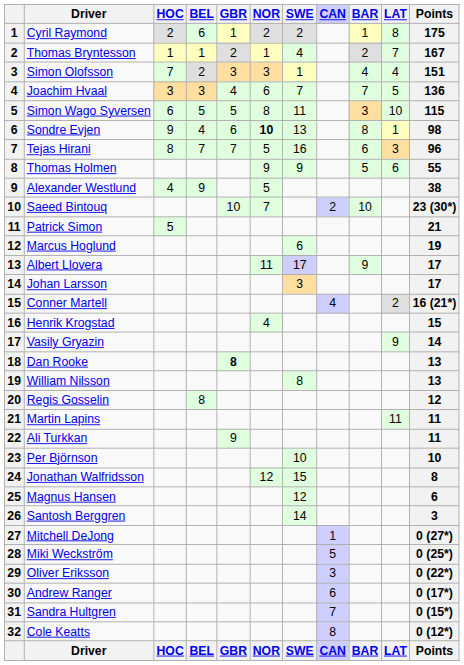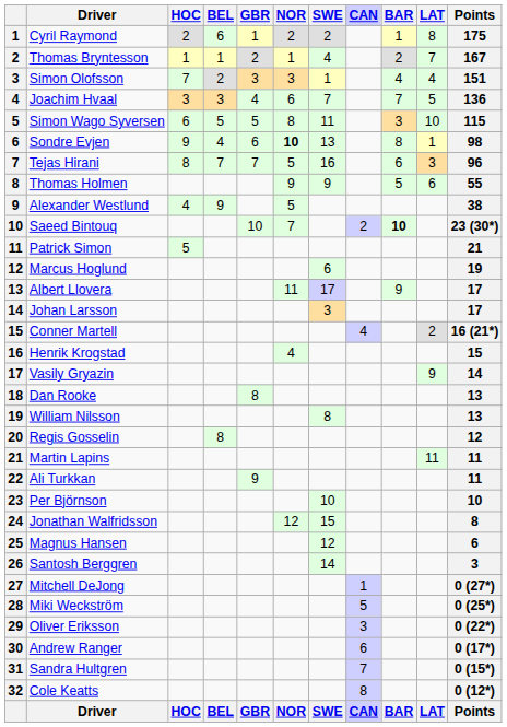 <table class="wikitable" style="font-size: 85%; text-align: center;">
 <tr valign="top">
 <th valign="middle"></th>
 <th valign="middle">Driver</th>
 <th><a href='#'>HOC</a> <br></th>
 <th><a href='#'>BEL</a> <br></th>
 <th><a href='#'>GBR</a> <br></th>
 <th><a href='#'>NOR</a> <br></th>
 <th><a href='#'>SWE</a> <br></th>
 <td style="background:#cfcfff;"><a href='#'><strong>CAN</strong></a> <br></td>
 <th><a href='#'>BAR</a> <br></th>
 <th><a href='#'>LAT</a> <br></th>
 <th valign="middle">Points</th>
 </tr>
 <tr>
 <th>1</th>
 <td align=left> <a href='#'>Cyril Raymond</a></td>
 <td style="background:#dfdfdf;">2</td>
 <td style="background:#dfffdf;">6</td>
 <td style="background:#ffffbf;">1</td>
 <td style="background:#dfdfdf;">2</td>
 <td style="background:#dfdfdf;">2</td>
 <td></td>
 <td style="background:#ffffbf;">1</td>
 <td style="background:#dfffdf;">8</td>
 <th>175</th>
 </tr>
 <tr>
 <th>2</th>
 <td align=left> <a href='#'>Thomas Bryntesson</a></td>
 <td style="background:#ffffbf;">1</td>
 <td style="background:#ffffbf;">1</td>
 <td style="background:#dfdfdf;">2</td>
 <td style="background:#ffffbf;">1</td>
 <td style="background:#dfffdf;">4</td>
 <td></td>
 <td style="background:#dfdfdf;">2</td>
 <td style="background:#dfffdf;">7</td>
 <th>167</th>
 </tr>
 <tr>
 <th>3</th>
 <td align=left> <a href='#'>Simon Olofsson</a></td>
 <td style="background:#dfffdf;">7</td>
 <td style="background:#dfdfdf;">2</td>
 <td style="background:#ffdf9f;">3</td>
 <td style="background:#ffdf9f;">3</td>
 <td style="background:#ffffbf;">1</td>
 <td></td>
 <td style="background:#dfffdf;">4</td>
 <td style="background:#dfffdf;">4</td>
 <th>151</th>
 </tr>
 <tr>
 <th>4</th>
 <td align=left>  <a href='#'>Joachim Hvaal</a></td>
 <td style="background:#ffdf9f;">3</td>
 <td style="background:#ffdf9f;">3</td>
 <td style="background:#dfffdf;">4</td>
 <td style="background:#dfffdf;">6</td>
 <td style="background:#dfffdf;">7</td>
 <td></td>
 <td style="background:#dfffdf;">7</td>
 <td style="background:#dfffdf;">5</td>
 <th>136</th>
 </tr>
 <tr>
 <th>5</th>
 <td align=left>  <a href='#'>Simon Wago Syversen</a></td>
 <td style="background:#dfffdf;">6</td>
 <td style="background:#dfffdf;">5</td>
 <td style="background:#dfffdf;">5</td>
 <td style="background:#dfffdf;">8</td>
 <td style="background:#dfffdf;">11</td>
 <td></td>
 <td style="background:#ffdf9f;">3</td>
 <td style="background:#dfffdf;">10</td>
 <th>115</th>
 </tr>
 <tr>
 <th>6</th>
 <td align=left>  <a href='#'>Sondre Evjen</a></td>
 <td style="background:#dfffdf;">9</td>
 <td style="background:#dfffdf;">4</td>
 <td style="background:#dfffdf;">6</td>
 <td style="background:#dfffdf;"><strong>10</strong></td>
 <td style="background:#dfffdf;">13</td>
 <td></td>
 <td style="background:#dfffdf;">8</td>
 <td style="background:#ffffbf;">1</td>
 <th>98</th>
 </tr>
 <tr>
 <th>7</th>
 <td align=left>  <a href='#'>Tejas Hirani</a></td>
 <td style="background:#dfffdf;">8</td>
 <td style="background:#dfffdf;">7</td>
 <td style="background:#dfffdf;">7</td>
 <td style="background:#dfffdf;">5</td>
 <td style="background:#dfffdf;">16</td>
 <td></td>
 <td style="background:#dfffdf;">6</td>
 <td style="background:#ffdf9f;">3</td>
 <th>96</th>
 </tr>
 <tr>
 <th>8</th>
 <td align=left>  <a href='#'>Thomas Holmen</a></td>
 <td></td>
 <td></td>
 <td></td>
 <td style="background:#dfffdf;">9</td>
 <td style="background:#dfffdf;">9</td>
 <td></td>
 <td style="background:#dfffdf;">5</td>
 <td style="background:#dfffdf;">6</td>
 <th>55</th>
 </tr>
 <tr>
 <th>9</th>
 <td align=left>  <a href='#'>Alexander Westlund</a></td>
 <td style="background:#dfffdf;">4</td>
 <td style="background:#dfffdf;">9</td>
 <td></td>
 <td style="background:#dfffdf;">5</td>
 <td></td>
 <td></td>
 <td></td>
 <td></td>
 <th>38</th>
 </tr>
 <tr>
 <th>10</th>
 <td align=left>   <a href='#'>Saeed Bintouq</a></td>
 <td></td>
 <td></td>
 <td style="background:#dfffdf;">10</td>
 <td style="background:#dfffdf;">7</td>
 <td></td>
 <td style="background:#cfcfff;">2</td>
-<td style="background:#dfffdf;">10</td>
+<td style="background:#dfffdf;"><strong>10</strong></td>
 <td></td>
 <th>23 (30*)</th>
 </tr>
 <tr>
 <th>11</th>
 <td align=left>  <a href='#'>Patrick Simon</a></td>
 <td style="background:#dfffdf;">5</td>
 <td></td>
 <td></td>
 <td></td>
 <td></td>
 <td></td>
 <td></td>
 <td></td>
 <th>21</th>
 </tr>
 <tr>
 <th>12</th>
 <td align=left>  <a href='#'>Marcus Hoglund</a></td>
 <td></td>
 <td></td>
 <td></td>
 <td></td>
 <td style="background:#dfffdf;">6</td>
 <td></td>
 <td></td>
 <td></td>
 <th>19</th>
 </tr>
 <tr>
 <th>13</th>
 <td align=left> <a href='#'>Albert Llovera</a></td>
 <td></td>
 <td></td>
 <td></td>
 <td style="background:#dfffdf;">11</td>
 <td style="background:#cfcfff;">17</td>
 <td></td>
 <td style="background:#dfffdf;">9</td>
 <td></td>
 <th>17</th>
 </tr>
 <tr>
 <th>14</th>
 <td align=left>  <a href='#'>Johan Larsson</a></td>
 <td></td>
 <td></td>
 <td></td>
 <td></td>
 <td style="background:#ffdf9f;">3</td>
 <td></td>
 <td></td>
 <td></td>
 <th>17</th>
 </tr>
 <tr>
 <th>15</th>
 <td align=left>  <a href='#'>Conner Martell</a></td>
 <td></td>
 <td></td>
 <td></td>
 <td></td>
 <td></td>
 <td style="background:#cfcfff;">4</td>
 <td></td>
 <td style="background:#dfdfdf;">2</td>
 <th>16 (21*)</th>
 </tr>
 <tr>
 <th>16</th>
 <td align=left>  <a href='#'>Henrik Krogstad</a></td>
 <td></td>
 <td></td>
 <td></td>
 <td style="background:#dfffdf;">4</td>
 <td></td>
 <td></td>
 <td></td>
 <td></td>
 <th>15</th>
 </tr>
 <tr>
 <th>17</th>
 <td align=left>  <a href='#'>Vasily Gryazin</a></td>
 <td></td>
 <td></td>
 <td></td>
 <td></td>
 <td></td>
 <td></td>
 <td></td>
 <td style="background:#dfffdf;">9</td>
 <th>14</th>
 </tr>
 <tr>
 <th>18</th>
 <td align=left>  <a href='#'>Dan Rooke</a></td>
 <td></td>
 <td></td>
-<td style="background:#dfffdf;"><strong>8</strong></td>
+<td style="background:#dfffdf;">8</td>
 <td></td>
 <td></td>
 <td></td>
 <td></td>
 <td></td>
 <th>13</th>
 </tr>
 <tr>
 <th>19</th>
 <td align=left>  <a href='#'>William Nilsson</a></td>
 <td></td>
 <td></td>
 <td></td>
 <td></td>
 <td style="background:#dfffdf;">8</td>
 <td></td>
 <td></td>
 <td></td>
 <th>13</th>
 </tr>
 <tr>
 <th>20</th>
 <td align=left>  <a href='#'>Regis Gosselin</a></td>
 <td></td>
 <td style="background:#dfffdf;">8</td>
 <td></td>
 <td></td>
 <td></td>
 <td></td>
 <td></td>
 <td></td>
 <th>12</th>
 </tr>
 <tr>
 <th>21</th>
 <td align=left>  <a href='#'>Martin Lapins</a></td>
 <td></td>
 <td></td>
 <td></td>
 <td></td>
 <td></td>
 <td></td>
 <td></td>
 <td style="background:#dfffdf;">11</td>
 <th>11</th>
 </tr>
 <tr>
 <th>22</th>
 <td align=left>  <a href='#'>Ali Turkkan</a></td>
 <td></td>
 <td></td>
 <td style="background:#dfffdf;">9</td>
 <td></td>
 <td></td>
 <td></td>
 <td></td>
 <td></td>
 <th>11</th>
 </tr>
 <tr>
 <th>23</th>
 <td align=left>  <a href='#'>Per Björnson</a></td>
 <td></td>
 <td></td>
 <td></td>
 <td></td>
 <td style="background:#dfffdf;">10</td>
 <td></td>
 <td></td>
 <td></td>
 <th>10</th>
 </tr>
 <tr>
 <th>24</th>
 <td align=left>  <a href='#'>Jonathan Walfridsson</a></td>
 <td></td>
 <td></td>
 <td></td>
 <td style="background:#dfffdf;">12</td>
 <td style="background:#dfffdf;">15</td>
 <td></td>
 <td></td>
 <td></td>
 <th>8</th>
 </tr>
 <tr>
 <th>25</th>
 <td align=left>  <a href='#'>Magnus Hansen</a></td>
 <td></td>
 <td></td>
 <td></td>
 <td></td>
 <td style="background:#dfffdf;">12</td>
 <td></td>
 <td></td>
 <td></td>
 <th>6</th>
 </tr>
 <tr>
 <th>26</th>
 <td align=left>  <a href='#'>Santosh Berggren</a></td>
 <td></td>
 <td></td>
 <td></td>
 <td></td>
 <td style="background:#dfffdf;">14</td>
 <td></td>
 <td></td>
 <td></td>
 <th>3</th>
 </tr>
 <tr>
 <th>27</th>
 <td align=left>  <a href='#'>Mitchell DeJong</a></td>
 <td></td>
 <td></td>
 <td></td>
 <td></td>
 <td></td>
 <td style="background:#cfcfff;">1</td>
 <td></td>
 <td></td>
 <th>0 (27*)</th>
 </tr>
 <tr>
 <th>28</th>
 <td align=left>  <a href='#'>Miki Weckström</a></td>
 <td></td>
 <td></td>
 <td></td>
 <td></td>
 <td></td>
 <td style="background:#cfcfff;">5</td>
 <td></td>
 <td></td>
 <th>0 (25*)</th>
 </tr>
 <tr>
 <th>29</th>
 <td align=left>  <a href='#'>Oliver Eriksson</a></td>
 <td></td>
 <td></td>
 <td></td>
 <td></td>
 <td></td>
 <td style="background:#cfcfff;">3</td>
 <td></td>
 <td></td>
 <th>0 (22*)</th>
 </tr>
 <tr>
 <th>30</th>
 <td align=left>  <a href='#'>Andrew Ranger</a></td>
 <td></td>
 <td></td>
 <td></td>
 <td></td>
 <td></td>
 <td style="background:#cfcfff;">6</td>
 <td></td>
 <td></td>
 <th>0 (17*)</th>
 </tr>
 <tr>
 <th>31</th>
 <td align=left>  <a href='#'>Sandra Hultgren</a></td>
 <td></td>
 <td></td>
 <td></td>
 <td></td>
 <td></td>
 <td style="background:#cfcfff;">7</td>
 <td></td>
 <td></td>
 <th>0 (15*)</th>
 </tr>
 <tr>
 <th>32</th>
 <td align=left>  <a href='#'>Cole Keatts</a></td>
 <td></td>
 <td></td>
 <td></td>
 <td></td>
 <td></td>
 <td style="background:#cfcfff;">8</td>
 <td></td>
 <td></td>
 <th>0 (12*)</th>
 </tr>
 <tr valign="top">
 <th valign="middle"></th>
 <th valign="middle">Driver</th>
 <th><a href='#'>HOC</a> <br></th>
 <th><a href='#'>BEL</a> <br></th>
 <th><a href='#'>GBR</a> <br></th>
 <th><a href='#'>NOR</a> <br></th>
 <th><a href='#'>SWE</a> <br></th>
 <td style="background:#cfcfff;"><a href='#'><strong>CAN</strong></a> <br></td>
 <th><a href='#'>BAR</a> <br></th>
 <th><a href='#'>LAT</a> <br></th>
 <th valign="middle">Points</th>
 </tr>
 </table>
